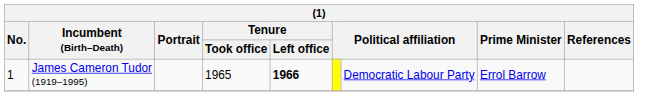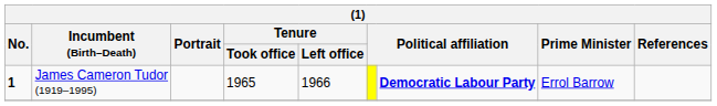 <table class="wikitable">
 <tr>
 <th colspan="11" style="background:#f2f2f2; font-size:90%; align=center"> (1)</th>
 </tr>
 <tr>
 <th rowspan="2">No.</th>
 <th rowspan="2">Incumbent<br><small>(Birth–Death)</small></th>
 <th rowspan="2">Portrait</th>
 <th colspan="2">Tenure</th>
 <th rowspan="2" colspan="2">Political affiliation</th>
 <th rowspan="2">Prime Minister</th>
 <th rowspan ="2">References</th>
 </tr>
 <tr>
 <th>Took office</th>
 <th>Left office</th>
 </tr>
 <tr>
-<td>1</td>
+<td><strong>1</strong></td>
 <td><a href='#'>James Cameron Tudor</a><br><small>(1919–1995)</small></td>
 <td></td>
 <td>1965</td>
-<td><strong>1966</strong></td>
+<td>1966</td>
 <td bgcolor="Yellow"> </td>
-<td><a href='#'>Democratic Labour Party</a></td>
+<td><strong><a href='#'>Democratic Labour Party</a></strong></td>
 <td><a href='#'>Errol Barrow</a></td>
 <td></td>
 </tr>
 <tr>
 </tr>
 </table>
